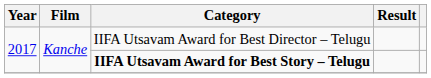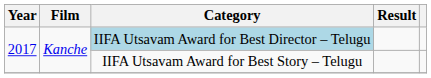 <table class="wikitable sortable">
 <tr>
 <th>Year</th>
 <th>Film</th>
 <th>Category</th>
 <th>Result</th>
 <th class="unsortable"></th>
 </tr>
 <tr>
 <td style="text-align:center;" rowspan="2"><a href='#'>2017</a></td>
 <td style="text-align:center;" rowspan="2"><em><a href='#'>Kanche</a></em></td>
-<td style="text-align:center;">IIFA Utsavam Award for Best Director – Telugu</td>
+<td style="background: lightblue; text-align:center;">IIFA Utsavam Award for Best Director – Telugu</td>
 <td></td>
 <td></td>
 </tr>
 <tr>
-<td style="text-align:center;"><strong>IIFA Utsavam Award for Best Story – Telugu</strong></td>
+<td style="text-align:center;">IIFA Utsavam Award for Best Story – Telugu</td>
 <td></td>
 <td></td>
 </tr>
 <tr>
 </tr>
 </table>
